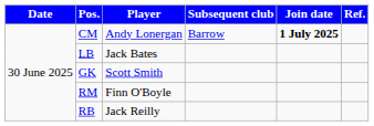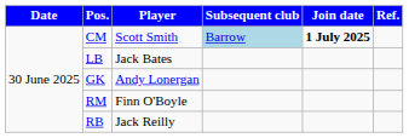 <table class="wikitable plainrowheaders sortable">
 <tr>
 <th style="background:#0000FF; color:#FFFFFF; ">Date</th>
 <th style="background:#0000FF; color:#FFFFFF; ">Pos.</th>
 <th style="background:#0000FF; color:#FFFFFF; ">Player</th>
 <th style="background:#0000FF; color:#FFFFFF; ">Subsequent club</th>
 <th style="background:#0000FF; color:#FFFFFF; ">Join date</th>
 <th style="background:#0000FF; color:#FFFFFF; ">Ref.</th>
 </tr>
 <tr>
 <td rowspan="5">30 June 2025</td>
 <td><a href='#'>CM</a></td>
-<td> <a href='#'>Andy Lonergan</a></td>
-<td> <a href='#'>Barrow</a></td>
+<td> <a href='#'>Scott Smith</a></td>
+<td style="background: lightblue;"> <a href='#'>Barrow</a></td>
 <td><strong>1 July 2025</strong></td>
 <td></td>
 </tr>
 <tr>
 <td><a href='#'>LB</a></td>
 <td> Jack Bates</td>
 <td></td>
 <td></td>
 <td></td>
 </tr>
 <tr>
 <td><a href='#'>GK</a></td>
-<td> <a href='#'>Scott Smith</a></td>
+<td> <a href='#'>Andy Lonergan</a></td>
 <td></td>
 <td></td>
 <td></td>
 </tr>
 <tr>
 <td><a href='#'>RM</a></td>
 <td> Finn O'Boyle</td>
 <td></td>
 <td></td>
 <td></td>
 </tr>
 <tr>
 <td><a href='#'>RB</a></td>
 <td> Jack Reilly</td>
 <td></td>
 <td></td>
 <td></td>
 </tr>
 </table>
